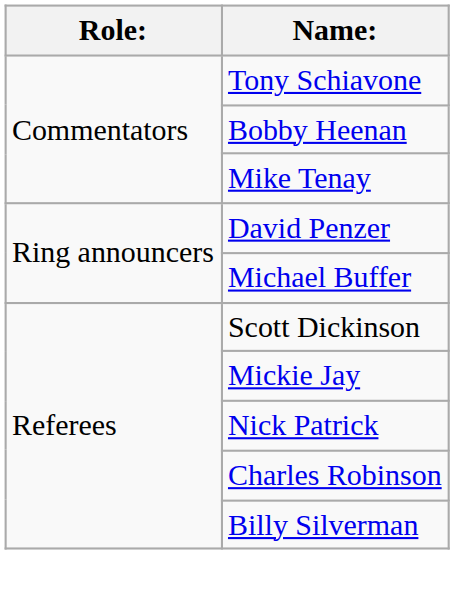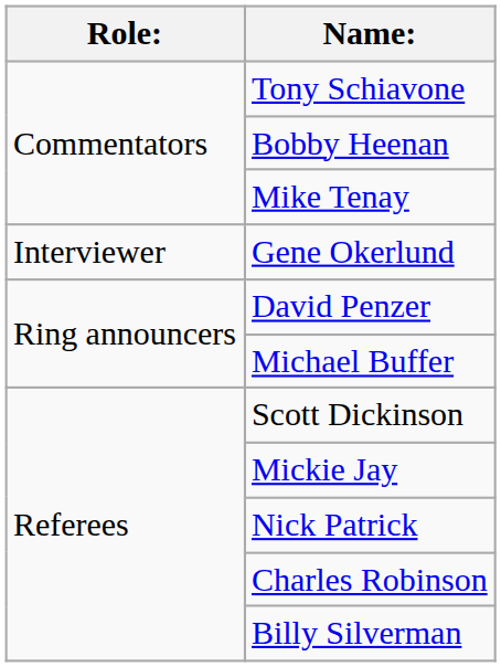 <table class=wikitable style="font-size:90%; margin: 0.5em 0 0.5em 1em; float: right; clear: right;">
 <tr>
 <th>Role:</th>
 <th>Name:</th>
 </tr>
 <tr>
 <td rowspan=3>Commentators</td>
 <td><a href='#'>Tony Schiavone</a></td>
 </tr>
 <tr>
 <td><a href='#'>Bobby Heenan</a></td>
 </tr>
 <tr>
 <td><a href='#'>Mike Tenay</a></td>
+</tr>
+<tr>
+<td>Interviewer</td>
+<td><a href='#'>Gene Okerlund</a></td>
 </tr>
 <tr>
 <td rowspan=2>Ring announcers</td>
 <td><a href='#'>David Penzer</a></td>
 </tr>
 <tr>
 <td><a href='#'>Michael Buffer</a></td>
 </tr>
 <tr>
 <td rowspan=5>Referees</td>
 <td>Scott Dickinson</td>
 </tr>
 <tr>
 <td><a href='#'>Mickie Jay</a></td>
 </tr>
 <tr>
 <td><a href='#'>Nick Patrick</a></td>
 </tr>
 <tr>
 <td><a href='#'>Charles Robinson</a></td>
 </tr>
 <tr>
 <td><a href='#'>Billy Silverman</a></td>
 </tr>
 </table>
